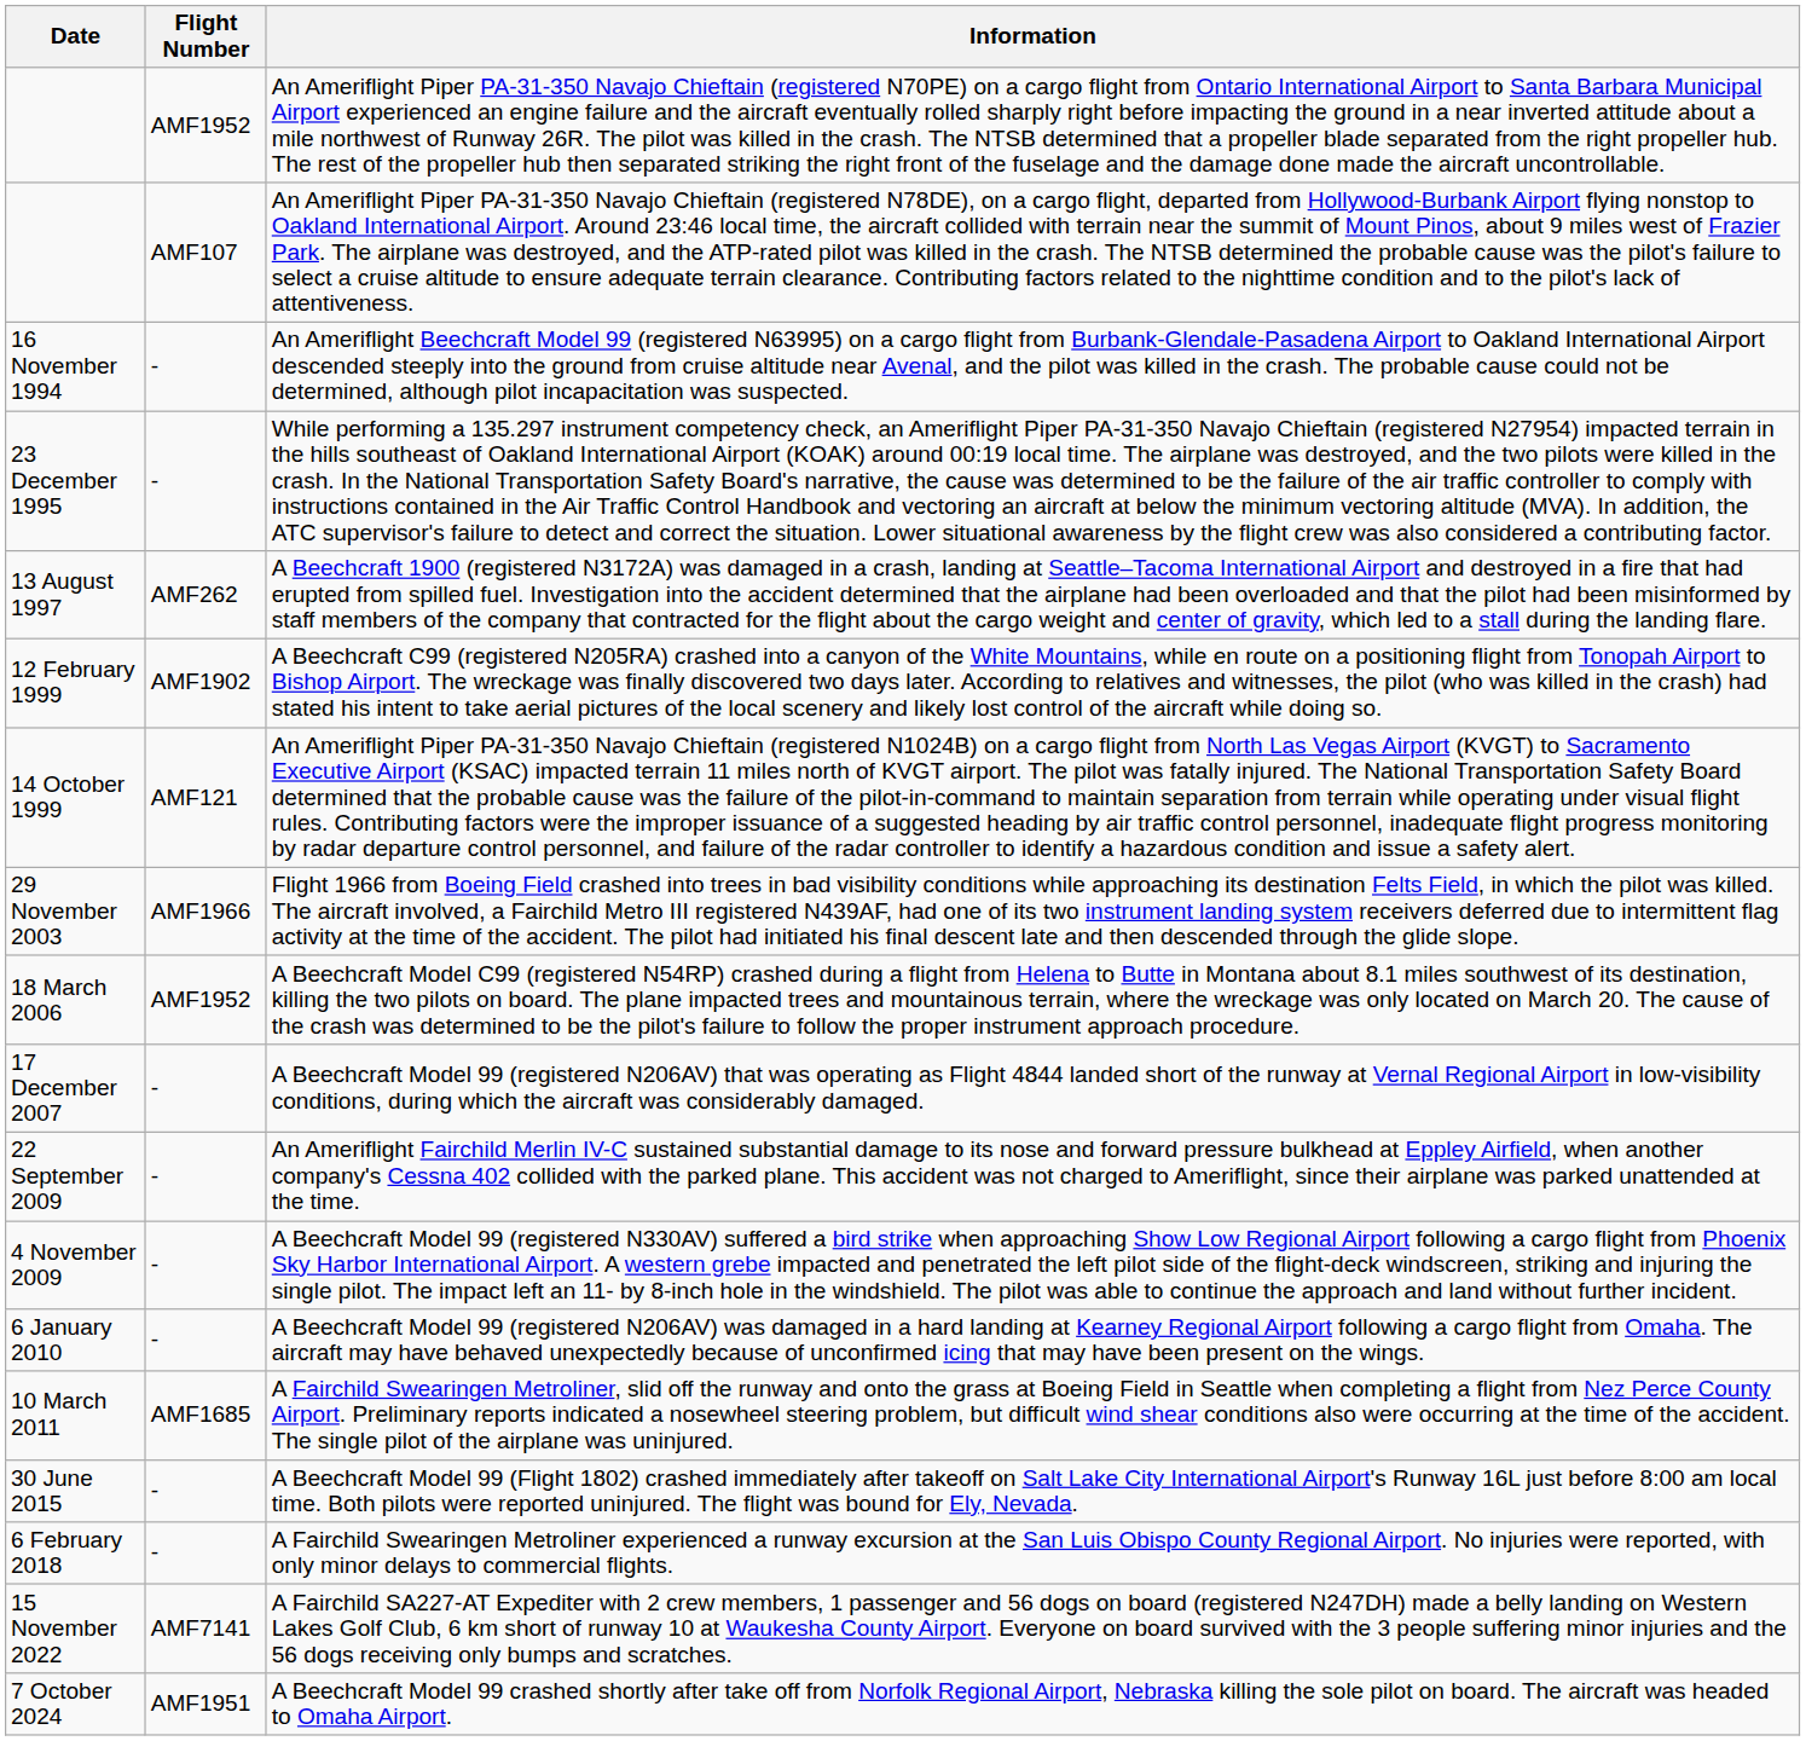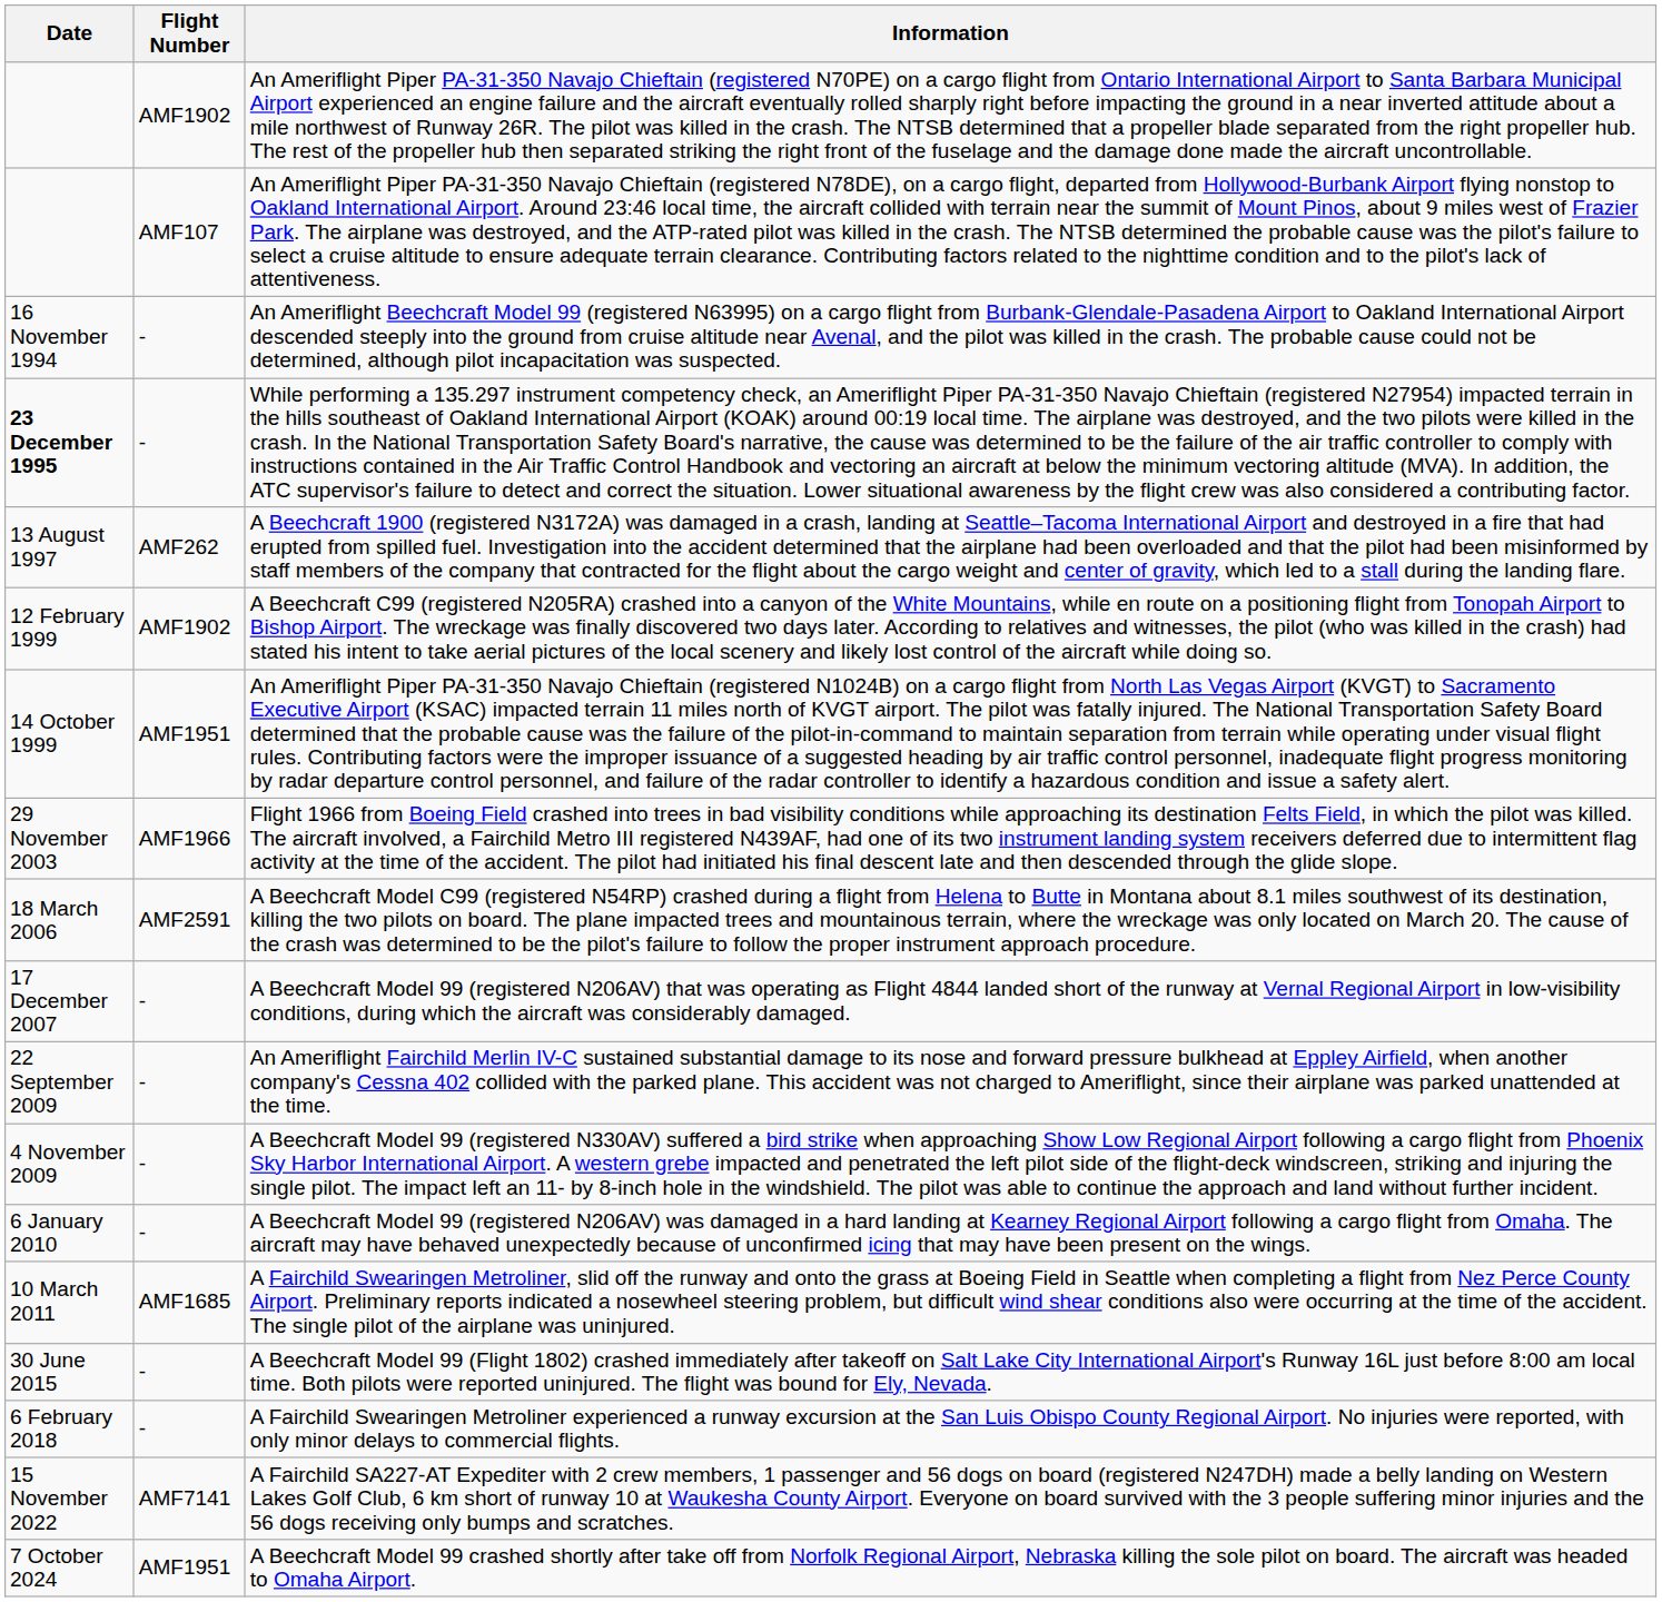 <table class="wikitable">
 <tr>
 <th>Date</th>
 <th>Flight Number</th>
 <th>Information</th>
 </tr>
 <tr>
 <td></td>
-<td>AMF1952</td>
+<td>AMF1902</td>
 <td>An Ameriflight Piper <a href='#'>PA-31-350 Navajo Chieftain</a> (<a href='#'>registered</a> N70PE) on a cargo flight from <a href='#'>Ontario International Airport</a> to <a href='#'>Santa Barbara Municipal Airport</a> experienced an engine failure and the aircraft eventually rolled sharply right before impacting the ground in a near inverted attitude about a mile northwest of Runway 26R. The pilot was killed in the crash. The NTSB determined that a propeller blade separated from the right propeller hub. The rest of the propeller hub then separated striking the right front of the fuselage and the damage done made the aircraft uncontrollable.</td>
 </tr>
 <tr>
 <td></td>
 <td>AMF107</td>
 <td>An Ameriflight Piper PA-31-350 Navajo Chieftain (registered N78DE), on a cargo flight, departed from <a href='#'>Hollywood-Burbank Airport</a> flying nonstop to <a href='#'>Oakland International Airport</a>. Around 23:46 local time, the aircraft collided with terrain near the summit of <a href='#'>Mount Pinos</a>, about 9 miles west of <a href='#'>Frazier Park</a>. The airplane was destroyed, and the ATP-rated pilot was killed in the crash. The NTSB determined the probable cause was the pilot's failure to select a cruise altitude to ensure adequate terrain clearance.  Contributing factors related to the nighttime condition and to the pilot's lack of attentiveness.</td>
 </tr>
 <tr>
 <td>16 November 1994</td>
 <td>-</td>
 <td>An Ameriflight <a href='#'>Beechcraft Model 99</a> (registered N63995) on a cargo flight from <a href='#'>Burbank-Glendale-Pasadena Airport</a> to Oakland International Airport descended steeply into the ground from cruise altitude near <a href='#'>Avenal</a>, and the pilot was killed in the crash.  The probable cause could not be determined, although pilot incapacitation was suspected.</td>
 </tr>
 <tr>
-<td>23 December 1995</td>
+<td><strong>23 December 1995</strong></td>
 <td>-</td>
 <td>While performing a 135.297 instrument competency check, an Ameriflight Piper PA-31-350 Navajo Chieftain (registered N27954) impacted terrain in the hills southeast of Oakland International Airport (KOAK) around 00:19 local time. The airplane was destroyed, and the two pilots were killed in the crash. In the National Transportation Safety Board's narrative, the cause was determined to be the failure of the air traffic controller to comply with instructions contained in the Air Traffic Control Handbook and vectoring an aircraft at below the minimum vectoring altitude (MVA). In addition, the ATC supervisor's failure to detect and correct the situation. Lower situational awareness by the flight crew was also considered a contributing factor.</td>
 </tr>
 <tr>
 <td>13 August 1997</td>
 <td>AMF262</td>
 <td>A <a href='#'>Beechcraft 1900</a> (registered N3172A) was damaged in a crash, landing at <a href='#'>Seattle–Tacoma International Airport</a> and destroyed in a fire that had erupted from spilled fuel. Investigation into the accident determined that the airplane had been overloaded and that the pilot had been misinformed by staff members of the company that contracted for the flight about the cargo weight and <a href='#'>center of gravity</a>, which led to a <a href='#'>stall</a> during the landing flare.</td>
 </tr>
 <tr>
 <td>12 February 1999</td>
 <td>AMF1902</td>
 <td>A Beechcraft C99 (registered N205RA) crashed into a canyon of the <a href='#'>White Mountains</a>, while en route on a positioning flight from <a href='#'>Tonopah Airport</a> to <a href='#'>Bishop Airport</a>. The wreckage was finally discovered two days later. According to relatives and witnesses, the pilot (who was killed in the crash) had stated his intent to take aerial pictures of the local scenery and likely lost control of the aircraft while doing so.</td>
 </tr>
 <tr>
 <td>14 October 1999</td>
-<td>AMF121</td>
+<td>AMF1951</td>
 <td>An Ameriflight Piper PA-31-350 Navajo Chieftain (registered N1024B) on a cargo flight from <a href='#'>North Las Vegas Airport</a> (KVGT) to <a href='#'>Sacramento Executive Airport</a> (KSAC) impacted terrain 11 miles north of KVGT airport. The pilot was fatally injured. The National Transportation Safety Board determined that the probable cause was the failure of the pilot-in-command to maintain separation from terrain while operating under visual flight rules. Contributing factors were the improper issuance of a suggested heading by air traffic control personnel, inadequate flight progress monitoring by radar departure control personnel, and failure of the radar controller to identify a hazardous condition and issue a safety alert.</td>
 </tr>
 <tr>
 <td>29 November 2003</td>
 <td>AMF1966</td>
 <td>Flight 1966 from <a href='#'>Boeing Field</a> crashed into trees in bad visibility conditions while approaching its destination <a href='#'>Felts Field</a>, in which the pilot was killed. The aircraft involved, a Fairchild Metro III registered N439AF, had one of its two <a href='#'>instrument landing system</a> receivers deferred due to intermittent flag activity at the time of the accident.  The pilot had initiated his final descent late and then descended through the glide slope.</td>
 </tr>
 <tr>
 <td>18 March 2006</td>
-<td>AMF1952</td>
+<td>AMF2591</td>
 <td>A Beechcraft Model C99 (registered N54RP) crashed during a flight from <a href='#'>Helena</a> to <a href='#'>Butte</a> in Montana about 8.1 miles southwest of its destination, killing the two pilots on board. The plane impacted trees and mountainous terrain, where the wreckage was only located on March 20. The cause of the crash was determined to be the pilot's failure to follow the proper instrument approach procedure.</td>
 </tr>
 <tr>
 <td>17 December 2007</td>
 <td>-</td>
 <td>A Beechcraft Model 99 (registered N206AV) that was operating as Flight 4844 landed short of the runway at <a href='#'>Vernal Regional Airport</a> in low-visibility conditions, during which the aircraft was considerably damaged.</td>
 </tr>
 <tr>
 <td>22 September 2009</td>
 <td>-</td>
 <td>An Ameriflight <a href='#'>Fairchild Merlin IV-C</a> sustained substantial damage to its nose and forward pressure bulkhead at <a href='#'>Eppley Airfield</a>, when another company's <a href='#'>Cessna 402</a> collided with the parked plane. This accident was not charged to Ameriflight, since their airplane was parked unattended at the time.</td>
 </tr>
 <tr>
 <td>4 November 2009</td>
 <td>-</td>
 <td>A Beechcraft Model 99 (registered N330AV) suffered a <a href='#'>bird strike</a> when approaching <a href='#'>Show Low Regional Airport</a> following a cargo flight from <a href='#'>Phoenix Sky Harbor International Airport</a>. A <a href='#'>western grebe</a> impacted and penetrated the left pilot side of the flight-deck windscreen, striking and injuring the single pilot. The impact left an 11- by 8-inch hole in the windshield. The pilot was able to continue the approach and land without further incident.</td>
 </tr>
 <tr>
 <td>6 January 2010</td>
 <td>-</td>
 <td>A Beechcraft Model 99 (registered N206AV) was damaged in a hard landing at <a href='#'>Kearney Regional Airport</a> following a cargo flight from <a href='#'>Omaha</a>. The aircraft may have behaved unexpectedly because of unconfirmed <a href='#'>icing</a> that may have been present on the wings.</td>
 </tr>
 <tr>
 <td>10 March 2011</td>
 <td>AMF1685</td>
 <td>A <a href='#'>Fairchild Swearingen Metroliner</a>, slid off the runway and onto the grass at Boeing Field in Seattle when completing a flight from <a href='#'>Nez Perce County Airport</a>. Preliminary reports indicated a nosewheel steering problem, but difficult <a href='#'>wind shear</a> conditions also were occurring at the time of the accident. The single pilot of the airplane was uninjured.</td>
 </tr>
 <tr>
 <td>30 June 2015</td>
 <td>-</td>
 <td>A Beechcraft Model 99 (Flight 1802) crashed immediately after takeoff on <a href='#'>Salt Lake City International Airport</a>'s Runway 16L just before 8:00 am local time. Both pilots were reported uninjured. The flight was bound for <a href='#'>Ely, Nevada</a>.</td>
 </tr>
 <tr>
 <td>6 February 2018</td>
 <td>-</td>
 <td>A Fairchild Swearingen Metroliner experienced a runway excursion at the <a href='#'>San Luis Obispo County Regional Airport</a>. No injuries were reported, with only minor delays to commercial flights.</td>
 </tr>
 <tr>
 <td>15 November 2022</td>
 <td>AMF7141</td>
 <td>A Fairchild SA227-AT Expediter with 2 crew members, 1 passenger and 56 dogs on board (registered N247DH) made a belly landing on Western Lakes Golf Club, 6 km short of runway 10 at <a href='#'>Waukesha County Airport</a>. Everyone on board survived with the 3 people suffering minor injuries and the 56 dogs receiving only bumps and scratches.</td>
 </tr>
 <tr>
 <td>7 October 2024</td>
 <td>AMF1951</td>
 <td>A Beechcraft Model 99 crashed shortly after take off from <a href='#'>Norfolk Regional Airport</a>, <a href='#'>Nebraska</a> killing the sole pilot on board. The aircraft was headed to <a href='#'>Omaha Airport</a>.</td>
 </tr>
 </table>
